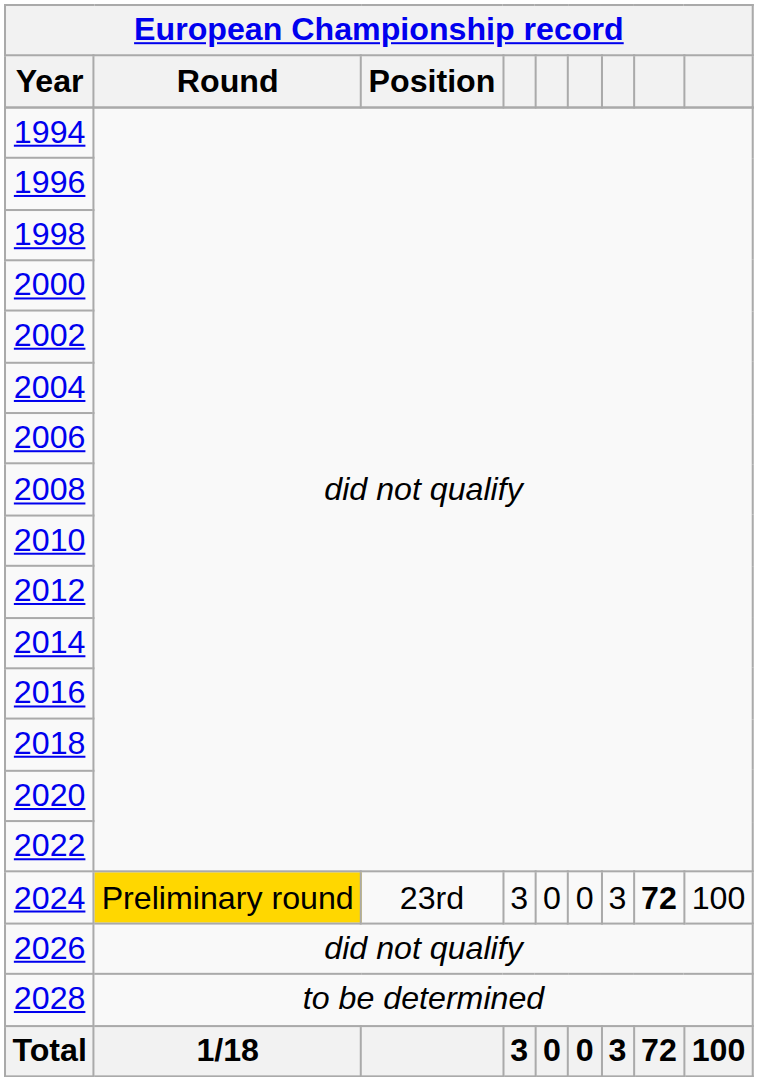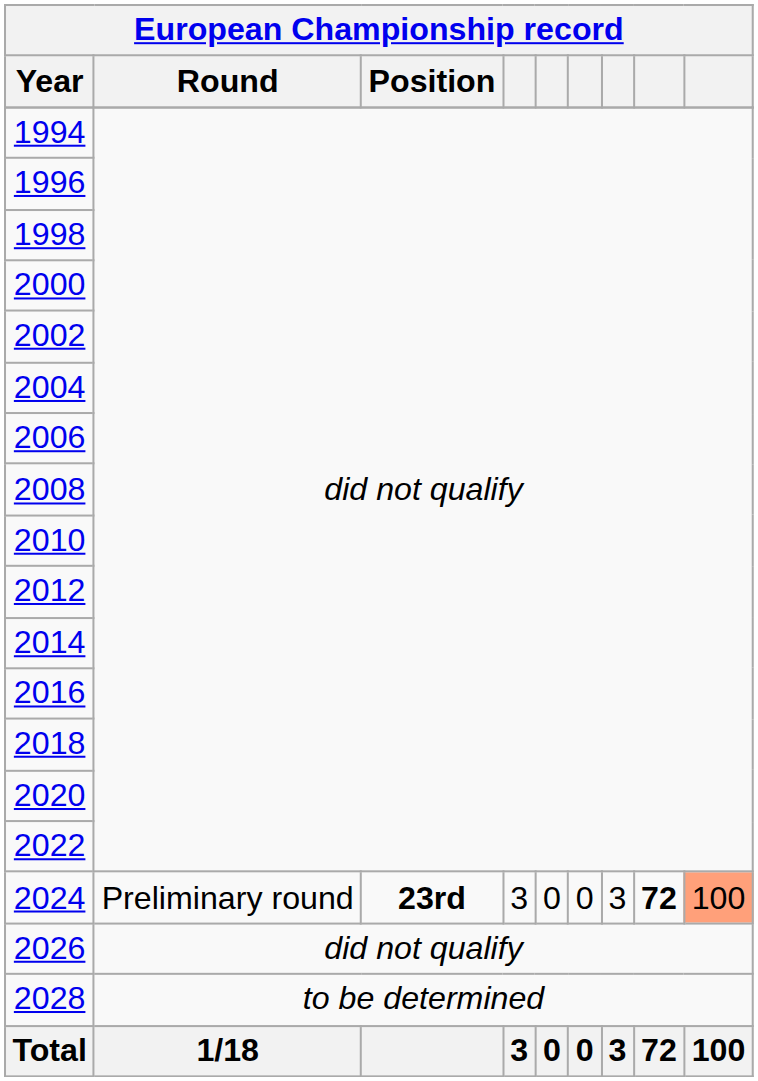 <table class="wikitable" style="text-align: center;">
 <tr>
 <th colspan=9><a href='#'>European Championship record</a></th>
 </tr>
 <tr>
 <th>Year</th>
 <th>Round</th>
 <th>Position</th>
 <th></th>
 <th></th>
 <th></th>
 <th></th>
 <th></th>
 <th></th>
 </tr>
 <tr>
 </tr>
 <tr>
 <td> <a href='#'>1994</a></td>
 <td colspan="8" rowspan="15"><em>did not qualify</em></td>
 </tr>
 <tr>
 <td> <a href='#'>1996</a></td>
 </tr>
 <tr>
 <td> <a href='#'>1998</a></td>
 </tr>
 <tr>
 <td> <a href='#'>2000</a></td>
 </tr>
 <tr>
 <td> <a href='#'>2002</a></td>
 </tr>
 <tr>
 <td> <a href='#'>2004</a></td>
 </tr>
 <tr>
 <td> <a href='#'>2006</a></td>
 </tr>
 <tr>
 <td> <a href='#'>2008</a></td>
 </tr>
 <tr>
 <td> <a href='#'>2010</a></td>
 </tr>
 <tr>
 <td> <a href='#'>2012</a></td>
 </tr>
 <tr>
 <td> <a href='#'>2014</a></td>
 </tr>
 <tr>
 <td> <a href='#'>2016</a></td>
 </tr>
 <tr>
 <td> <a href='#'>2018</a></td>
 </tr>
 <tr>
 <td> <a href='#'>2020</a></td>
 </tr>
 <tr>
 <td> <a href='#'>2022</a></td>
 </tr>
 <tr>
 <td> <a href='#'>2024</a></td>
-<td style="background: gold;">Preliminary round</td>
-<td>23rd</td>
+<td>Preliminary round</td>
+<td><strong>23rd</strong></td>
 <td>3</td>
 <td>0</td>
 <td>0</td>
 <td>3</td>
 <td><strong>72</strong></td>
-<td>100</td>
+<td style="background: lightsalmon;">100</td>
 </tr>
 <tr>
 <td> <a href='#'>2026</a></td>
 <td colspan="8"><em>did not qualify</em></td>
 </tr>
 <tr>
 <td> <a href='#'>2028</a></td>
 <td colspan="8"><em>to be determined</em></td>
 </tr>
 <tr>
 <th>Total</th>
 <th>1/18</th>
 <th></th>
 <th>3</th>
 <th>0</th>
 <th>0</th>
 <th>3</th>
 <th>72</th>
 <th>100</th>
 </tr>
 </table>
